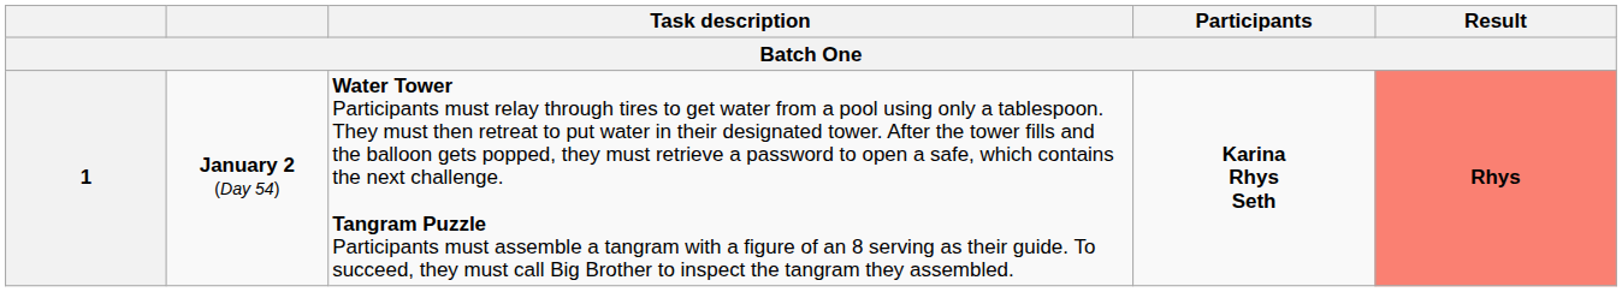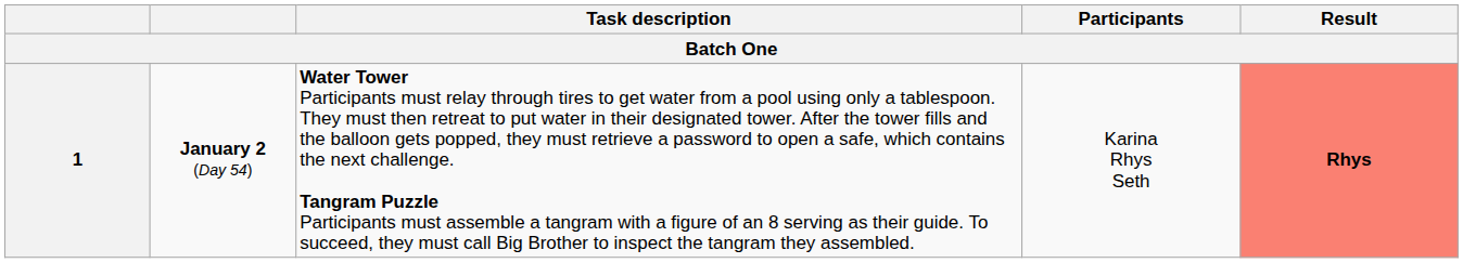 <table class="wikitable" style="text-align:center; font-size:100%; line-height:18px;" width="100%">
 <tr>
 <th style="width: 10%;"></th>
 <th style="width: 10%;"></th>
 <th style="width: 50%;">Task description</th>
 <th style="width: 15%;">Participants</th>
 <th style="width: 15%;">Result</th>
 </tr>
 <tr>
 <th colspan="5">Batch One</th>
 </tr>
 <tr>
 <th>1</th>
 <td><strong>January 2</strong><br><small>(<em>Day 54</em>)</small></td>
 <td align="left"><strong>Water Tower</strong><br>Participants must relay through tires to get water from a pool using only a tablespoon. They must then retreat to put water in their designated tower. After the tower fills and the balloon gets popped, they must retrieve a password to open a safe, which contains the next challenge.<br><br><strong>Tangram Puzzle</strong><br>Participants must assemble a tangram with a figure of an 8 serving as their guide. To succeed, they must call Big Brother to inspect the tangram they assembled.</td>
-<td><strong>Karina<br>Rhys<br>Seth</strong></td>
+<td>Karina<br>Rhys<br>Seth</td>
 <td style="background:#FA8072;" align="center"><strong>Rhys</strong></td>
 </tr>
 </table>
